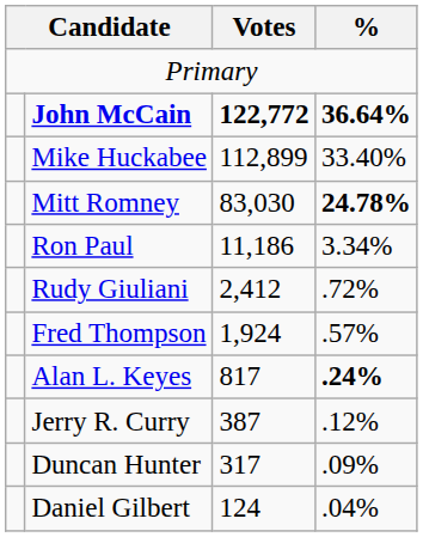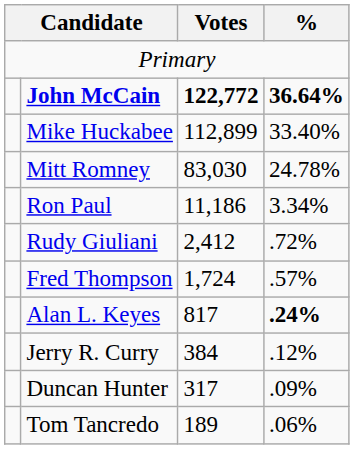 <table class="wikitable">
 <tr>
 <th colspan="2"  style="text-align:center; vertical-align:top;"><strong>Candidate</strong></th>
 <th valign="top"><strong>Votes</strong></th>
 <th valign="top"><strong>%</strong></th>
 </tr>
 <tr>
 <td style="text-align:center;" colspan="4"><em>Primary</em></td>
 </tr>
 <tr>
 <td style="background-color:"> </td>
 <td><strong><a href='#'>John McCain</a></strong></td>
 <td><strong>122,772</strong></td>
 <td><strong>36.64%</strong></td>
 </tr>
 <tr>
 <td style="background-color:"> </td>
 <td><a href='#'>Mike Huckabee</a></td>
 <td>112,899</td>
 <td>33.40%</td>
 </tr>
 <tr>
 <td style="background-color:"> </td>
 <td><a href='#'>Mitt Romney</a></td>
 <td>83,030</td>
-<td><strong>24.78%</strong></td>
+<td>24.78%</td>
 </tr>
 <tr>
 <td style="background-color:"> </td>
 <td><a href='#'>Ron Paul</a></td>
 <td>11,186</td>
 <td>3.34%</td>
 </tr>
 <tr>
 <td style="background-color:"> </td>
 <td><a href='#'>Rudy Giuliani</a></td>
 <td>2,412</td>
 <td>.72%</td>
 </tr>
 <tr>
 <td style="background-color:"> </td>
 <td><a href='#'>Fred Thompson</a></td>
-<td>1,924</td>
+<td>1,724</td>
 <td>.57%</td>
 </tr>
 <tr>
 <td style="background-color:"> </td>
 <td><a href='#'>Alan L. Keyes</a></td>
 <td>817</td>
 <td><strong>.24%</strong></td>
 </tr>
 <tr>
 <td style="background-color:"> </td>
 <td>Jerry R. Curry</td>
-<td>387</td>
+<td>384</td>
 <td>.12%</td>
 </tr>
 <tr>
 <td style="background-color:"> </td>
 <td>Duncan Hunter</td>
 <td>317</td>
 <td>.09%</td>
 </tr>
 <tr>
 <td style="background-color:"> </td>
-<td>Daniel Gilbert</td>
-<td>124</td>
-<td>.04%</td>
+<td>Tom Tancredo</td>
+<td>189</td>
+<td>.06%</td>
 </tr>
 </table>
